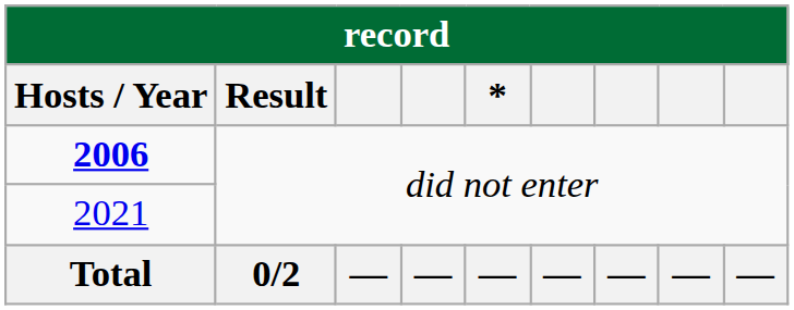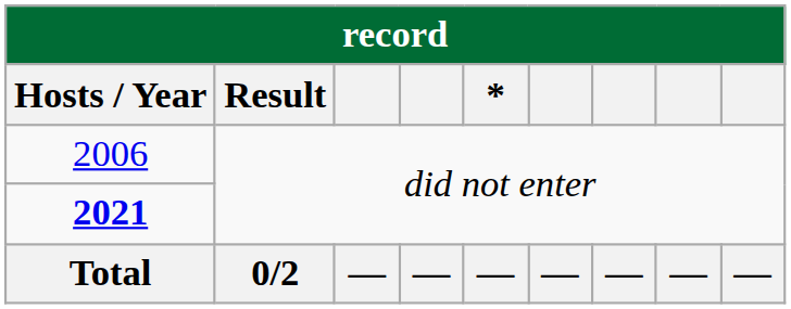 <table class="wikitable mw-collapsible" style="text-align: center;font-size:100%;">
 <tr>
 <th colspan="9" style="background: #006C35; color: white;"><a href='#'></a> record</th>
 </tr>
 <tr>
 <th>Hosts / Year</th>
 <th>Result</th>
 <th width="20"></th>
 <th width="20"></th>
 <th width="20">*</th>
 <th width="20"></th>
 <th width="20"></th>
 <th width="20"></th>
 <th width="20"></th>
 </tr>
 <tr>
-<td><strong> <a href='#'>2006</a></strong></td>
+<td> <a href='#'>2006</a></td>
 <td colspan="8" rowspan="2"><em>did not enter</em></td>
 </tr>
 <tr>
-<td> <a href='#'>2021</a></td>
+<td><strong> <a href='#'>2021</a></strong></td>
 </tr>
 <tr>
 <th>Total</th>
 <th>0/2</th>
 <th>—</th>
 <th>—</th>
 <th>—</th>
 <th>—</th>
 <th>—</th>
 <th>—</th>
 <th>—</th>
 </tr>
 </table>
